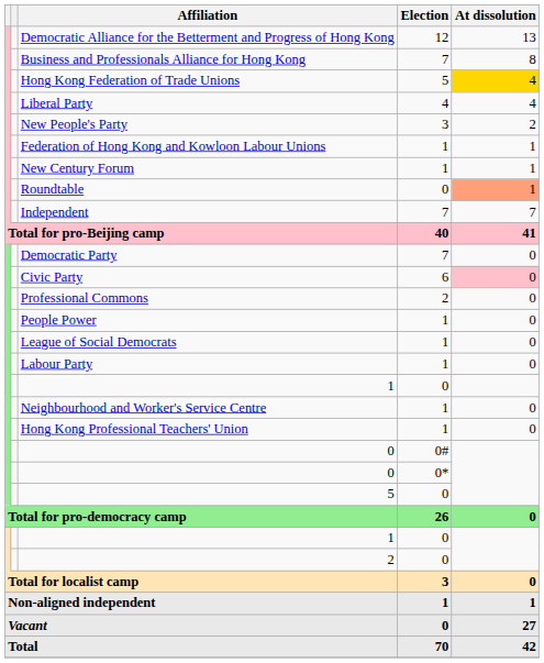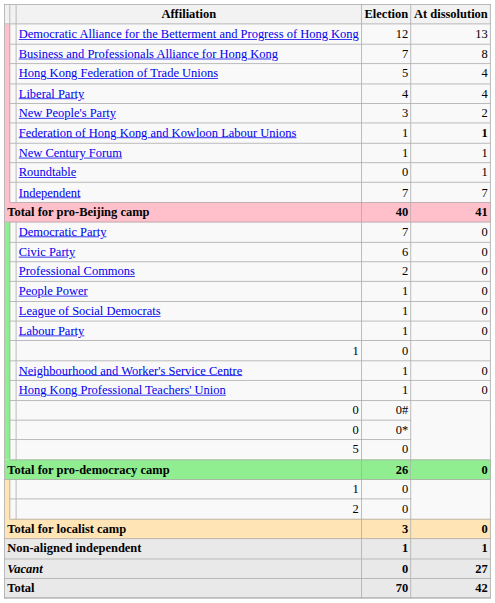 <table class="sortable wikitable">
 <tr>
 <th class="unsortable"></th>
 <th class="unsortable"></th>
 <th>Affiliation</th>
 <th>Election</th>
 <th>At dissolution</th>
 </tr>
 <tr>
 <td bgcolor=Pink style=border-bottom-style:hidden rowspan=9></td>
 <td style="color:inherit;background:"></td>
 <td><a href='#'>Democratic Alliance for the Betterment and Progress of Hong Kong</a></td>
 <td align="right">12</td>
 <td align="right">13</td>
 </tr>
 <tr =>
 <td style="color:inherit;background:"></td>
 <td><a href='#'>Business and Professionals Alliance for Hong Kong</a></td>
 <td align="right">7</td>
 <td align="right">8</td>
 </tr>
 <tr>
 <td style="color:inherit;background:"></td>
 <td><a href='#'>Hong Kong Federation of Trade Unions</a></td>
 <td align="right">5</td>
-<td align="right" style="background: gold;">4</td>
+<td align="right">4</td>
 </tr>
 <tr>
 <td style="color:inherit;background:"></td>
 <td><a href='#'>Liberal Party</a></td>
 <td align="right">4</td>
 <td align="right">4</td>
 </tr>
 <tr>
 <td style="color:inherit;background:"></td>
 <td><a href='#'>New People's Party</a></td>
 <td align="right">3</td>
 <td align="right">2</td>
 </tr>
 <tr>
 <td style="color:inherit;background:"></td>
 <td><a href='#'>Federation of Hong Kong and Kowloon Labour Unions</a></td>
 <td align="right">1</td>
-<td align="right">1</td>
+<td align="right"><strong>1</strong></td>
 </tr>
 <tr>
 <td style="color:inherit;background:"></td>
 <td><a href='#'>New Century Forum</a></td>
 <td align="right">1</td>
 <td align="right">1</td>
 </tr>
 <tr>
 <td style="color:inherit;background:"></td>
 <td><a href='#'>Roundtable</a></td>
 <td align="right">0</td>
-<td align="right" style="background: lightsalmon;">1</td>
+<td align="right">1</td>
 </tr>
 <tr>
 <td style="color:inherit;background:"></td>
 <td><a href='#'>Independent</a></td>
 <td align="right">7</td>
 <td align="right">7</td>
 </tr>
 <tr>
 <td style="background-color:Pink" colspan=3><strong>Total for pro-Beijing camp</strong></td>
 <td align="right" style="background-color:Pink"><strong>40</strong></td>
 <td align="right" style="background-color:Pink"><strong>41</strong></td>
 </tr>
 <tr>
 <td bgcolor=LightGreen style=border-bottom-style:hidden; rowspan=12></td>
 <td style="color:inherit;background:"></td>
 <td><a href='#'>Democratic Party</a></td>
 <td align="right">7</td>
 <td align="right">0</td>
 </tr>
 <tr>
 <td style="color:inherit;background:"></td>
 <td><a href='#'>Civic Party</a></td>
 <td align="right">6</td>
-<td align="right" style="background: pink;">0</td>
+<td align="right">0</td>
 </tr>
 <tr>
 <td style="color:inherit;background:"></td>
 <td><a href='#'>Professional Commons</a></td>
 <td align="right">2</td>
 <td align="right">0</td>
 </tr>
 <tr>
 <td style="color:inherit;background:"></td>
 <td><a href='#'>People Power</a></td>
 <td align="right">1</td>
 <td align="right">0</td>
 </tr>
 <tr>
 <td style="color:inherit;background:"></td>
 <td><a href='#'>League of Social Democrats</a></td>
 <td align="right">1</td>
 <td align="right">0</td>
 </tr>
 <tr>
 <td style="color:inherit;background:"></td>
 <td><a href='#'>Labour Party</a></td>
 <td align="right">1</td>
 <td align="right">0</td>
 </tr>
 <tr>
 <td></td>
 <td align="right">1</td>
 <td align="right">0</td>
 </tr>
 <tr>
 <td style="color:inherit;background:"></td>
 <td><a href='#'>Neighbourhood and Worker's Service Centre</a></td>
 <td align="right">1</td>
 <td align="right">0</td>
 </tr>
 <tr>
 <td style="color:inherit;background:"></td>
 <td><a href='#'>Hong Kong Professional Teachers' Union</a></td>
 <td align="right">1</td>
 <td align="right">0</td>
 </tr>
 <tr>
 <td></td>
 <td align="right">0</td>
 <td align="right">0#</td>
 </tr>
 <tr>
 <td></td>
 <td align="right">0</td>
 <td align="right">0*</td>
 </tr>
 <tr>
 <td></td>
 <td align="right">5</td>
 <td align="right">0</td>
 </tr>
 <tr>
 <td style="background-color:LightGreen" colspan=3><strong>Total for pro-democracy camp</strong></td>
 <td align="right" style="background-color:LightGreen"><strong>26</strong></td>
 <td align="right" style="background-color:LightGreen"><strong>0</strong></td>
 </tr>
 <tr>
 <td bgcolor=Moccasin style=border-bottom-style:hidden; rowspan=2></td>
 <td></td>
 <td align="right">1</td>
 <td align="right">0</td>
 </tr>
 <tr>
 <td></td>
 <td align="right">2</td>
 <td align="right">0</td>
 </tr>
 <tr>
 <td style="background-color:Moccasin" colspan=3><strong>Total for localist camp</strong></td>
 <td align="right" style="background-color:Moccasin"><strong>3</strong></td>
 <td align="right" style="background-color:Moccasin"><strong>0</strong></td>
 </tr>
 <tr>
 <td style="background-color:#E9E9E9" colspan=3><strong>Non-aligned independent</strong></td>
 <td align="right" style="background-color:#E9E9E9"><strong>1</strong></td>
 <td align="right" style="background-color:#E9E9E9"><strong>1</strong></td>
 </tr>
 <tr class="sortbottom">
 <td style="background-color:#E9E9E9" colspan=3><strong><em>Vacant</em></strong></td>
 <td align="right" style="background-color:#E9E9E9"><strong>0</strong></td>
 <td align="right" style="background-color:#E9E9E9"><strong>27</strong></td>
 </tr>
 <tr>
 <td style="background-color:#E9E9E9" colspan=3><strong>Total</strong></td>
 <td align="right" style="background-color:#E9E9E9"><strong>70</strong></td>
 <td align="right" style="background-color:#E9E9E9"><strong>42</strong></td>
 </tr>
 <tr>
 </tr>
 </table>
